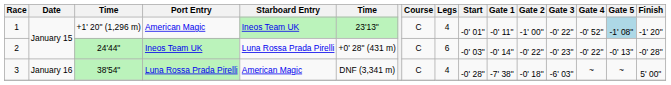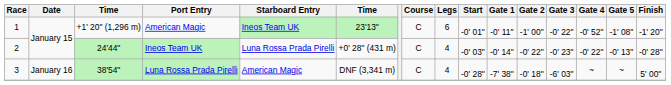 <table class="wikitable" style="font-size:8pt;line-height:1;text-align: center;">
 <tr>
 <th>Race</th>
 <th>Date</th>
 <th>Time</th>
 <th>Port Entry</th>
 <th>Starboard Entry</th>
 <th>Time</th>
 <th rowspan="4"></th>
 <th>Course</th>
 <th>Legs</th>
 <th>Start</th>
 <th>Gate 1</th>
 <th>Gate 2</th>
 <th>Gate 3</th>
 <th>Gate 4</th>
 <th>Gate 5</th>
 <th>Finish</th>
 </tr>
 <tr>
 <td>1<br></td>
 <td Rowspan="2">January 15</td>
 <td>+1' 20" (1,296 m)</td>
 <td style="text-align: left;"> <a href='#'>American Magic</a></td>
 <td style="text-align: left;"  bgcolor="#BBF3BB"> <a href='#'>Ineos Team UK</a></td>
 <td bgcolor="#BBF3BB">23'13"</td>
 <td>C</td>
-<td>4</td>
+<td>6</td>
 <td><br>-0' 01"</td>
 <td><br>-0' 11"</td>
 <td><br>-1' 00"</td>
 <td><br>-0' 22"</td>
 <td><br>-0' 52"</td>
-<td style="background: lightblue;"><br>-1' 08"</td>
+<td><br>-1' 08"</td>
 <td><br>-1' 20"</td>
 </tr>
 <tr>
 <td>2<br></td>
 <td bgcolor="#BBF3BB">24'44"</td>
 <td style="text-align: left;" bgcolor="#BBF3BB"> <a href='#'>Ineos Team UK</a></td>
 <td style="text-align: left;"> <a href='#'>Luna Rossa Prada Pirelli</a></td>
 <td>+0' 28" (431 m)</td>
 <td>C</td>
-<td>6</td>
+<td>4</td>
 <td><br>-0' 03"</td>
 <td><br>-0' 14"</td>
 <td><br>-0' 22"</td>
 <td><br>-0' 23"</td>
 <td><br>-0' 22"</td>
 <td><br>-0' 13"</td>
 <td><br>-0' 28"</td>
 </tr>
 <tr>
 <td>3<br></td>
 <td>January 16</td>
 <td bgcolor="#BBF3BB">38'54"</td>
 <td style="text-align: left;"  bgcolor="#BBF3BB"> <a href='#'>Luna Rossa Prada Pirelli</a></td>
 <td style="text-align: left;"> <a href='#'>American Magic</a></td>
 <td>DNF (3,341 m)</td>
 <td>C</td>
 <td>4</td>
 <td><br>-0' 28"</td>
 <td><br>-7' 38"</td>
 <td><br>-0' 18"</td>
 <td><br>-6' 03"</td>
 <td>~</td>
 <td>~</td>
 <td><br>5' 00"</td>
 </tr>
 <tr>
 </tr>
 </table>
